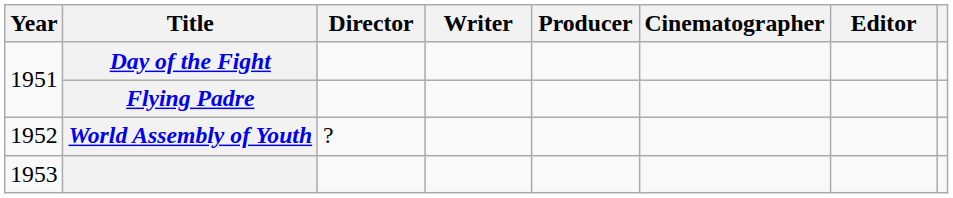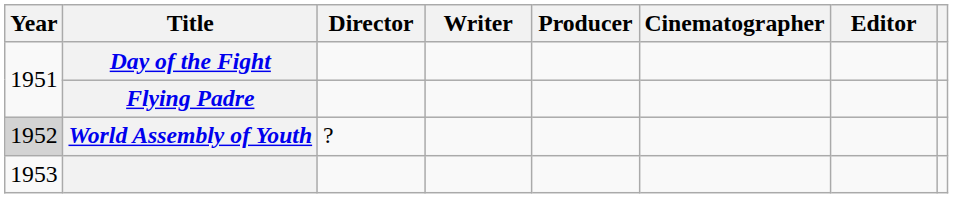 <table class="wikitable plainrowheaders">
 <tr>
 <th scope="col">Year</th>
 <th scope="col">Title</th>
 <th scope="col" width=65>Director</th>
 <th scope="col" width=65>Writer</th>
 <th scope="col" width=65>Producer</th>
 <th scope="col" width=65>Cinematographer</th>
 <th scope="col" width=65>Editor</th>
 <th scope="col"></th>
 </tr>
 <tr>
 <td rowspan=2>1951</td>
 <th scope="row"><em><a href='#'>Day of the Fight</a></em></th>
 <td></td>
 <td></td>
 <td></td>
 <td></td>
 <td></td>
 <td style="text-align:center;"></td>
 </tr>
 <tr>
 <th scope="row"><em><a href='#'>Flying Padre</a></em></th>
 <td></td>
 <td></td>
 <td></td>
 <td></td>
 <td></td>
 <td style="text-align:center;"></td>
 </tr>
 <tr>
-<td>1952</td>
+<td style="background: lightgrey;">1952</td>
 <th scope="row"><em><a href='#'>World Assembly of Youth</a></em></th>
 <td>?</td>
 <td></td>
 <td></td>
 <td></td>
 <td></td>
 <td></td>
 </tr>
 <tr>
 <td>1953</td>
 <th scope="row"><em></em></th>
 <td></td>
 <td></td>
 <td></td>
 <td></td>
 <td></td>
 <td style="text-align:center;"></td>
 </tr>
 </table>
